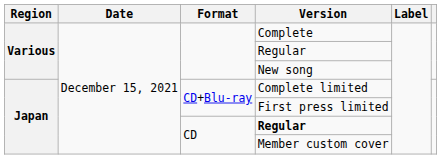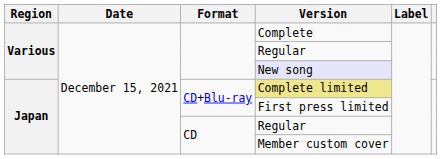 <table class="wikitable plainrowheaders">
 <tr>
 <th scope="col">Region</th>
 <th>Date</th>
 <th>Format</th>
 <th>Version</th>
 <th>Label</th>
 <th></th>
 </tr>
 <tr>
 <th scope="row" rowspan="3">Various</th>
 <td rowspan="7">December 15, 2021</td>
 <td rowspan="3"></td>
 <td>Complete</td>
 <td rowspan="7"></td>
 <td rowspan="3" style="text-align:center"></td>
 </tr>
 <tr>
 <td>Regular</td>
 </tr>
 <tr>
-<td>New song</td>
+<td style="background: lavender;">New song</td>
 </tr>
 <tr>
 <th scope="row" rowspan="4">Japan</th>
 <td rowspan="2"><a href='#'>CD</a>+<a href='#'>Blu-ray</a></td>
-<td>Complete limited</td>
+<td style="background: khaki;">Complete limited</td>
 <td rowspan="4" style="text-align:center"></td>
 </tr>
 <tr>
 <td>First press limited</td>
 </tr>
 <tr>
 <td rowspan="2">CD</td>
-<td><strong>Regular</strong></td>
+<td>Regular</td>
 </tr>
 <tr>
 <td>Member custom cover</td>
 </tr>
 </table>
